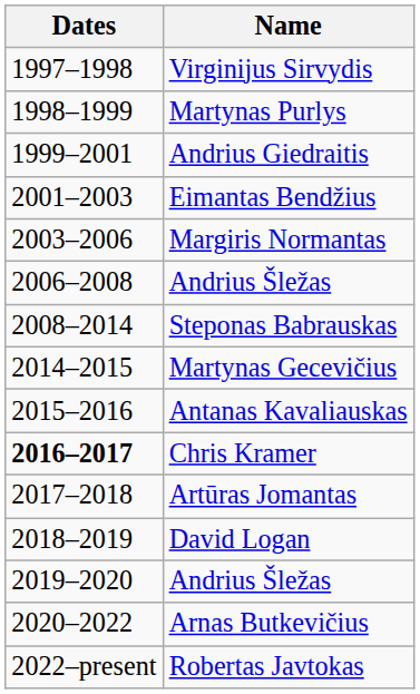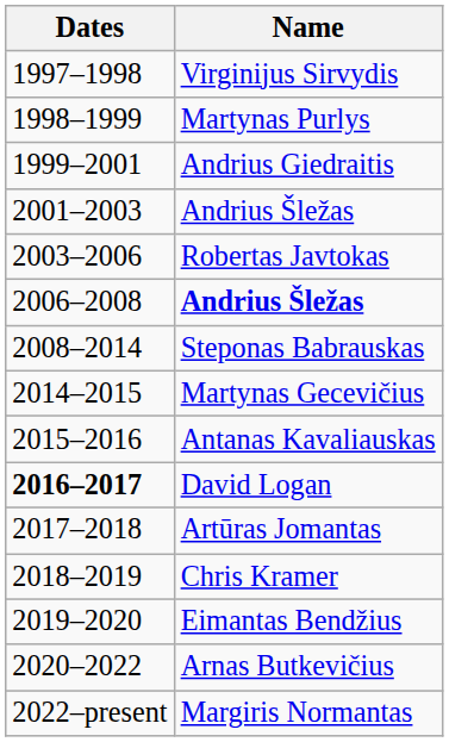 <table class="wikitable">
 <tr>
 <th>Dates</th>
 <th>Name</th>
 </tr>
 <tr>
 <td>1997–1998</td>
 <td> <a href='#'>Virginijus Sirvydis</a></td>
 </tr>
 <tr>
 <td>1998–1999</td>
 <td> <a href='#'>Martynas Purlys</a></td>
 </tr>
 <tr>
 <td>1999–2001</td>
 <td> <a href='#'>Andrius Giedraitis</a></td>
 </tr>
 <tr>
 <td>2001–2003</td>
-<td> <a href='#'>Eimantas Bendžius</a></td>
+<td> <a href='#'>Andrius Šležas</a></td>
 </tr>
 <tr>
 <td>2003–2006</td>
-<td> <a href='#'>Margiris Normantas</a></td>
+<td> <a href='#'>Robertas Javtokas</a></td>
 </tr>
 <tr>
 <td>2006–2008</td>
-<td> <a href='#'>Andrius Šležas</a></td>
+<td><strong> <a href='#'>Andrius Šležas</a></strong></td>
 </tr>
 <tr>
 <td>2008–2014</td>
 <td> <a href='#'>Steponas Babrauskas</a></td>
 </tr>
 <tr>
 <td>2014–2015</td>
 <td> <a href='#'>Martynas Gecevičius</a></td>
 </tr>
 <tr>
 <td>2015–2016</td>
 <td> <a href='#'>Antanas Kavaliauskas</a></td>
 </tr>
 <tr>
 <td><strong>2016–2017</strong></td>
-<td> <a href='#'>Chris Kramer</a></td>
+<td>  <a href='#'>David Logan</a></td>
 </tr>
 <tr>
 <td>2017–2018</td>
 <td> <a href='#'>Artūras Jomantas</a></td>
 </tr>
 <tr>
 <td>2018–2019</td>
-<td>  <a href='#'>David Logan</a></td>
+<td> <a href='#'>Chris Kramer</a></td>
 </tr>
 <tr>
 <td>2019–2020</td>
-<td> <a href='#'>Andrius Šležas</a></td>
+<td> <a href='#'>Eimantas Bendžius</a></td>
 </tr>
 <tr>
 <td>2020–2022</td>
 <td> <a href='#'>Arnas Butkevičius</a></td>
 </tr>
 <tr>
 <td>2022–present</td>
-<td> <a href='#'>Robertas Javtokas</a></td>
+<td> <a href='#'>Margiris Normantas</a></td>
 </tr>
 </table>
